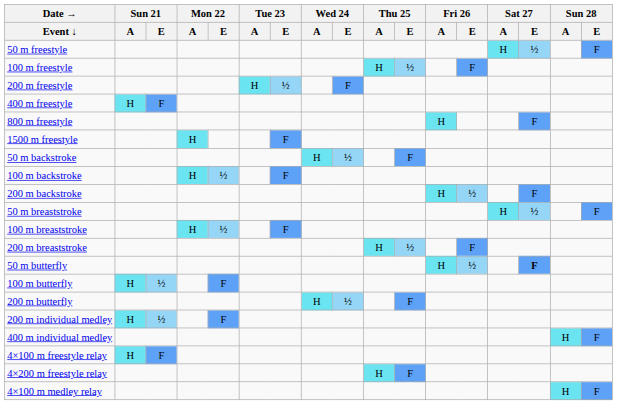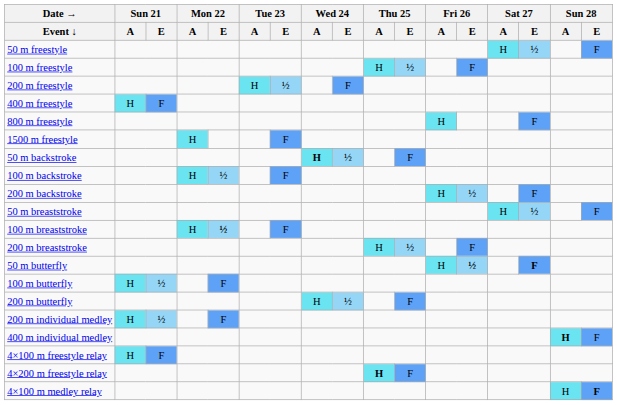 <table class="wikitable" style="margin:0.5em auto; font-size:95%; line-height:1.25em;">
 <tr style="text-align:center;">
 <th>Date →</th>
 <th colspan="2">Sun 21</th>
 <th colspan="2">Mon 22</th>
 <th colspan="2">Tue 23</th>
 <th colspan="2">Wed 24</th>
 <th colspan="2">Thu 25</th>
 <th colspan="2">Fri 26</th>
 <th colspan="2">Sat 27</th>
 <th colspan="2">Sun 28</th>
 </tr>
 <tr>
 <th>Event   ↓</th>
 <th style="width:2.5em;">A</th>
 <th style="width:2.5em;">E</th>
 <th style="width:2.5em;">A</th>
 <th style="width:2.5em;">E</th>
 <th style="width:2.5em;">A</th>
 <th style="width:2.5em;">E</th>
 <th style="width:2.5em;">A</th>
 <th style="width:2.5em;">E</th>
 <th style="width:2.5em;">A</th>
 <th style="width:2.5em;">E</th>
 <th style="width:2.5em;">A</th>
 <th style="width:2.5em;">E</th>
 <th style="width:2.5em;">A</th>
 <th style="width:2.5em;">E</th>
 <th style="width:2.5em;">A</th>
 <th style="width:2.5em;">E</th>
 </tr>
 <tr style="text-align:center;">
 <td style="text-align:left;"><a href='#'>50 m freestyle</a></td>
 <td colspan="2"></td>
 <td colspan="2"></td>
 <td colspan="2"></td>
 <td colspan="2"></td>
 <td colspan="2"></td>
 <td colspan="2"></td>
 <td style="background-color:#6be4f2;">H</td>
 <td style="background-color:#95d6f7;">½</td>
 <td></td>
 <td style="background-color:#5ea2f7;">F</td>
 </tr>
 <tr style="text-align:center;">
 <td style="text-align:left;"><a href='#'>100 m freestyle</a></td>
 <td colspan="2"></td>
 <td colspan="2"></td>
 <td colspan="2"></td>
 <td colspan="2"></td>
 <td style="background-color:#6be4f2;">H</td>
 <td style="background-color:#95d6f7;">½</td>
 <td></td>
 <td style="background-color:#5ea2f7;">F</td>
 <td colspan="2"></td>
 <td colspan="2"></td>
 </tr>
 <tr style="text-align:center;">
 <td style="text-align:left;"><a href='#'>200 m freestyle</a></td>
 <td colspan="2"></td>
 <td colspan="2"></td>
 <td style="background-color:#6be4f2;">H</td>
 <td style="background-color:#95d6f7;">½</td>
 <td></td>
 <td style="background-color:#5ea2f7;">F</td>
 <td colspan="2"></td>
 <td colspan="2"></td>
 <td colspan="2"></td>
 <td colspan="2"></td>
 </tr>
 <tr style="text-align:center;">
 <td style="text-align:left;"><a href='#'>400 m freestyle</a></td>
 <td style="background-color:#6be4f2;">H</td>
 <td style="background-color:#5ea2f7;">F</td>
 <td colspan="2"></td>
 <td colspan="2"></td>
 <td colspan="2"></td>
 <td colspan="2"></td>
 <td colspan="2"></td>
 <td colspan="2"></td>
 <td colspan="2"></td>
 </tr>
 <tr style="text-align:center;">
 <td style="text-align:left;"><a href='#'>800 m freestyle</a></td>
 <td colspan="2"></td>
 <td colspan="2"></td>
 <td colspan="2"></td>
 <td colspan="2"></td>
 <td colspan="2"></td>
 <td style="background-color:#6be4f2;">H</td>
 <td></td>
 <td></td>
 <td style="background-color:#5ea2f7;">F</td>
 <td colspan="2"></td>
 </tr>
 <tr style="text-align:center;">
 <td style="text-align:left;"><a href='#'>1500 m freestyle</a></td>
 <td colspan="2"></td>
 <td style="background-color:#6be4f2;">H</td>
 <td></td>
 <td></td>
 <td style="background-color:#5ea2f7;">F</td>
 <td colspan="2"></td>
 <td colspan="2"></td>
 <td colspan="2"></td>
 <td colspan="2"></td>
 <td colspan="2"></td>
 </tr>
 <tr style="text-align:center;">
 <td style="text-align:left;"><a href='#'>50 m backstroke</a></td>
 <td colspan="2"></td>
 <td colspan="2"></td>
 <td colspan="2"></td>
-<td style="background-color:#6be4f2;">H</td>
+<td style="background-color:#6be4f2;"><strong>H</strong></td>
 <td style="background-color:#95d6f7;">½</td>
 <td></td>
 <td style="background-color:#5ea2f7;">F</td>
 <td colspan="2"></td>
 <td colspan="2"></td>
 <td colspan="2"></td>
 </tr>
 <tr style="text-align:center;">
 <td style="text-align:left;"><a href='#'>100 m backstroke</a></td>
 <td colspan="2"></td>
 <td style="background-color:#6be4f2;">H</td>
 <td style="background-color:#95d6f7;">½</td>
 <td></td>
 <td style="background-color:#5ea2f7;">F</td>
 <td colspan="2"></td>
 <td colspan="2"></td>
 <td colspan="2"></td>
 <td colspan="2"></td>
 <td colspan="2"></td>
 </tr>
 <tr style="text-align:center;">
 <td style="text-align:left;"><a href='#'>200 m backstroke</a></td>
 <td colspan="2"></td>
 <td colspan="2"></td>
 <td colspan="2"></td>
 <td colspan="2"></td>
 <td colspan="2"></td>
 <td style="background-color:#6be4f2;">H</td>
 <td style="background-color:#95d6f7;">½</td>
 <td></td>
 <td style="background-color:#5ea2f7;">F</td>
 <td colspan="2"></td>
 </tr>
 <tr style="text-align:center;">
 <td style="text-align:left;"><a href='#'>50 m breaststroke</a></td>
 <td colspan="2"></td>
 <td colspan="2"></td>
 <td colspan="2"></td>
 <td colspan="2"></td>
 <td colspan="2"></td>
 <td colspan="2"></td>
 <td style="background-color:#6be4f2;">H</td>
 <td style="background-color:#95d6f7;">½</td>
 <td></td>
 <td style="background-color:#5ea2f7;">F</td>
 </tr>
 <tr style="text-align:center;">
 <td style="text-align:left;"><a href='#'>100 m breaststroke</a></td>
 <td colspan="2"></td>
 <td style="background-color:#6be4f2;">H</td>
-<td style="background-color:#95d6f7;">½</td>
+<td style="background-color:#95d6f7;"><strong>½</strong></td>
 <td></td>
 <td style="background-color:#5ea2f7;">F</td>
 <td colspan="2"></td>
 <td colspan="2"></td>
 <td colspan="2"></td>
 <td colspan="2"></td>
 <td colspan="2"></td>
 </tr>
 <tr style="text-align:center;">
 <td style="text-align:left;"><a href='#'>200 m breaststroke</a></td>
 <td colspan="2"></td>
 <td colspan="2"></td>
 <td colspan="2"></td>
 <td colspan="2"></td>
 <td style="background-color:#6be4f2;">H</td>
 <td style="background-color:#95d6f7;">½</td>
 <td></td>
 <td style="background-color:#5ea2f7;">F</td>
 <td colspan="2"></td>
 <td colspan="2"></td>
 </tr>
 <tr style="text-align:center;">
 <td style="text-align:left;"><a href='#'>50 m butterfly</a></td>
 <td colspan="2"></td>
 <td colspan="2"></td>
 <td colspan="2"></td>
 <td colspan="2"></td>
 <td colspan="2"></td>
 <td style="background-color:#6be4f2;">H</td>
-<td style="background-color:#95d6f7;">½</td>
+<td style="background-color:#95d6f7;"><strong>½</strong></td>
 <td></td>
 <td style="background-color:#5ea2f7;"><strong>F</strong></td>
 <td colspan="2"></td>
 </tr>
 <tr style="text-align:center;">
 <td style="text-align:left;"><a href='#'>100 m butterfly</a></td>
 <td style="background-color:#6be4f2;">H</td>
 <td style="background-color:#95d6f7;">½</td>
 <td></td>
 <td style="background-color:#5ea2f7;">F</td>
 <td colspan="2"></td>
 <td colspan="2"></td>
 <td colspan="2"></td>
 <td colspan="2"></td>
 <td colspan="2"></td>
 <td colspan="2"></td>
 </tr>
 <tr style="text-align:center;">
 <td style="text-align:left;"><a href='#'>200 m butterfly</a></td>
 <td colspan="2"></td>
 <td colspan="2"></td>
 <td colspan="2"></td>
 <td style="background-color:#6be4f2;">H</td>
 <td style="background-color:#95d6f7;">½</td>
 <td></td>
 <td style="background-color:#5ea2f7;">F</td>
 <td colspan="2"></td>
 <td colspan="2"></td>
 <td colspan="2"></td>
 </tr>
 <tr style="text-align:center;">
 <td style="text-align:left;"><a href='#'>200 m individual medley</a></td>
 <td style="background-color:#6be4f2;">H</td>
 <td style="background-color:#95d6f7;">½</td>
 <td></td>
 <td style="background-color:#5ea2f7;">F</td>
 <td colspan="2"></td>
 <td colspan="2"></td>
 <td colspan="2"></td>
 <td colspan="2"></td>
 <td colspan="2"></td>
 <td colspan="2"></td>
 </tr>
 <tr style="text-align:center;">
 <td style="text-align:left;"><a href='#'>400 m individual medley</a></td>
 <td colspan="2"></td>
 <td colspan="2"></td>
 <td colspan="2"></td>
 <td colspan="2"></td>
 <td colspan="2"></td>
 <td colspan="2"></td>
 <td colspan="2"></td>
-<td style="background-color:#6be4f2;">H</td>
+<td style="background-color:#6be4f2;"><strong>H</strong></td>
 <td style="background-color:#5ea2f7;">F</td>
 </tr>
 <tr style="text-align:center;">
 <td style="text-align:left;"><a href='#'>4×100 m freestyle relay</a></td>
 <td style="background-color:#6be4f2;">H</td>
 <td style="background-color:#5ea2f7;">F</td>
 <td colspan="2"></td>
 <td colspan="2"></td>
 <td colspan="2"></td>
 <td colspan="2"></td>
 <td colspan="2"></td>
 <td colspan="2"></td>
 <td colspan="2"></td>
 </tr>
 <tr style="text-align:center;">
 <td style="text-align:left;"><a href='#'>4×200 m freestyle relay</a></td>
 <td colspan="2"></td>
 <td colspan="2"></td>
 <td colspan="2"></td>
 <td colspan="2"></td>
-<td style="background-color:#6be4f2;">H</td>
+<td style="background-color:#6be4f2;"><strong>H</strong></td>
 <td style="background-color:#5ea2f7;">F</td>
 <td colspan="2"></td>
 <td colspan="2"></td>
 <td colspan="2"></td>
 </tr>
 <tr style="text-align:center;">
 <td style="text-align:left;"><a href='#'>4×100 m medley relay</a></td>
 <td colspan="2"></td>
 <td colspan="2"></td>
 <td colspan="2"></td>
 <td colspan="2"></td>
 <td colspan="2"></td>
 <td colspan="2"></td>
 <td colspan="2"></td>
 <td style="background-color:#6be4f2;">H</td>
-<td style="background-color:#5ea2f7;">F</td>
+<td style="background-color:#5ea2f7;"><strong>F</strong></td>
 </tr>
 </table>
